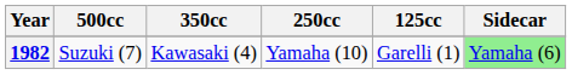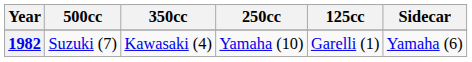 <table class="wikitable">
 <tr>
 <th>Year</th>
 <th>500cc</th>
 <th>350cc</th>
 <th>250cc</th>
 <th>125cc</th>
 <th>Sidecar</th>
 </tr>
 <tr>
 </tr>
 <tr>
 <th><a href='#'>1982</a></th>
 <td> <a href='#'>Suzuki</a> (7)</td>
 <td> <a href='#'>Kawasaki</a> (4)</td>
 <td> <a href='#'>Yamaha</a> (10)</td>
 <td> <a href='#'>Garelli</a> (1)</td>
-<td style="background: lightgreen;"> <a href='#'>Yamaha</a> (6)</td>
+<td> <a href='#'>Yamaha</a> (6)</td>
 </tr>
 </table>
